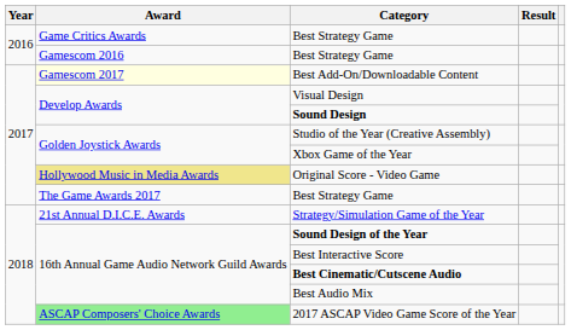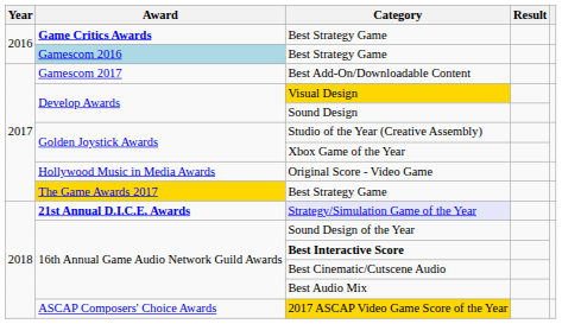 <table class="wikitable sortable">
 <tr>
 <th>Year</th>
 <th>Award</th>
 <th>Category</th>
 <th>Result</th>
 <th></th>
 </tr>
 <tr>
 <td style="text-align:center;" rowspan="2">2016</td>
-<td rowspan="1"><a href='#'>Game Critics Awards</a></td>
+<td rowspan="1"><strong><a href='#'>Game Critics Awards</a></strong></td>
 <td>Best Strategy Game</td>
 <td></td>
 <td rowspan="1" style="text-align:center;"></td>
 </tr>
 <tr>
-<td rowspan="1"><a href='#'>Gamescom 2016</a></td>
+<td rowspan="1" style="background: lightblue;"><a href='#'>Gamescom 2016</a></td>
 <td>Best Strategy Game</td>
 <td></td>
 <td rowspan="1" style="text-align:center;"></td>
 </tr>
 <tr>
 <td style="text-align:center;" rowspan="7">2017</td>
-<td rowspan="1" style="background: lightyellow;"><a href='#'>Gamescom 2017</a></td>
+<td rowspan="1"><a href='#'>Gamescom 2017</a></td>
 <td>Best Add-On/Downloadable Content</td>
 <td></td>
 <td rowspan="1" style="text-align:center;"></td>
 </tr>
 <tr>
 <td rowspan="2"><a href='#'>Develop Awards</a></td>
-<td>Visual Design</td>
+<td style="background: gold;">Visual Design</td>
 <td></td>
 <td rowspan="2" style="text-align:center;"></td>
 </tr>
 <tr>
-<td><strong>Sound Design</strong></td>
+<td>Sound Design</td>
 <td></td>
 </tr>
 <tr>
 <td rowspan="2"><a href='#'>Golden Joystick Awards</a></td>
 <td>Studio of the Year (Creative Assembly)</td>
 <td></td>
 <td rowspan="2" style="text-align:center;"></td>
 </tr>
 <tr>
 <td>Xbox Game of the Year</td>
 <td></td>
 </tr>
 <tr>
-<td rowspan="1" style="background: khaki;"><a href='#'>Hollywood Music in Media Awards</a></td>
+<td rowspan="1"><a href='#'>Hollywood Music in Media Awards</a></td>
 <td>Original Score - Video Game</td>
 <td></td>
 <td rowspan="1" style="text-align:center;"></td>
 </tr>
 <tr>
-<td rowspan="1"><a href='#'>The Game Awards 2017</a></td>
+<td rowspan="1" style="background: gold;"><a href='#'>The Game Awards 2017</a></td>
 <td>Best Strategy Game</td>
 <td></td>
 <td rowspan="1" style="text-align:center;"></td>
 </tr>
 <tr>
 <td style="text-align:center;" rowspan="6">2018</td>
-<td rowspan="1"><a href='#'>21st Annual D.I.C.E. Awards</a></td>
-<td><a href='#'>Strategy/Simulation Game of the Year</a></td>
+<td rowspan="1"><strong><a href='#'>21st Annual D.I.C.E. Awards</a></strong></td>
+<td style="background: lavender;"><a href='#'>Strategy/Simulation Game of the Year</a></td>
 <td></td>
 <td rowspan="1" style="text-align:center;"></td>
 </tr>
 <tr>
 <td rowspan="4">16th Annual Game Audio Network Guild Awards</td>
-<td><strong>Sound Design of the Year</strong></td>
+<td>Sound Design of the Year</td>
 <td></td>
 <td rowspan="4" style="text-align:center;"></td>
 </tr>
 <tr>
-<td>Best Interactive Score</td>
+<td><strong>Best Interactive Score</strong></td>
 <td></td>
 </tr>
 <tr>
-<td><strong>Best Cinematic/Cutscene Audio</strong></td>
+<td>Best Cinematic/Cutscene Audio</td>
 <td></td>
 </tr>
 <tr>
 <td>Best Audio Mix</td>
 <td></td>
 </tr>
 <tr>
-<td rowspan="1" style="background: lightgreen;"><a href='#'>ASCAP Composers' Choice Awards</a></td>
-<td>2017 ASCAP Video Game Score of the Year</td>
+<td rowspan="1"><a href='#'>ASCAP Composers' Choice Awards</a></td>
+<td style="background: gold;">2017 ASCAP Video Game Score of the Year</td>
 <td></td>
 <td rowspan="1" style="text-align:center;"></td>
 </tr>
 </table>
